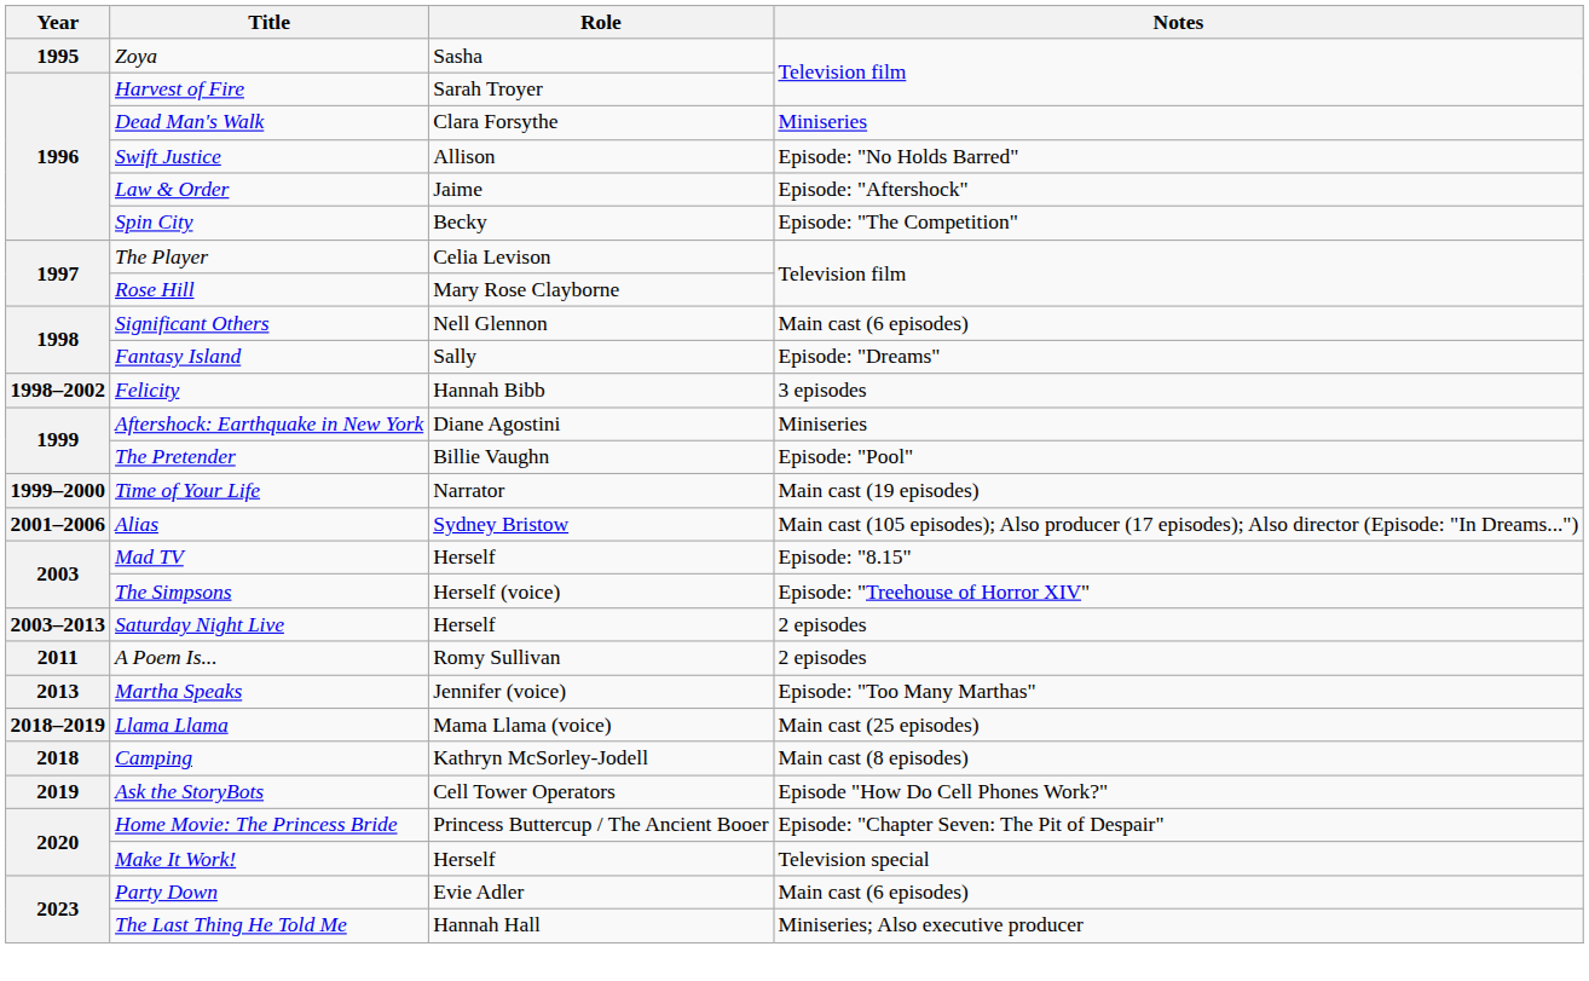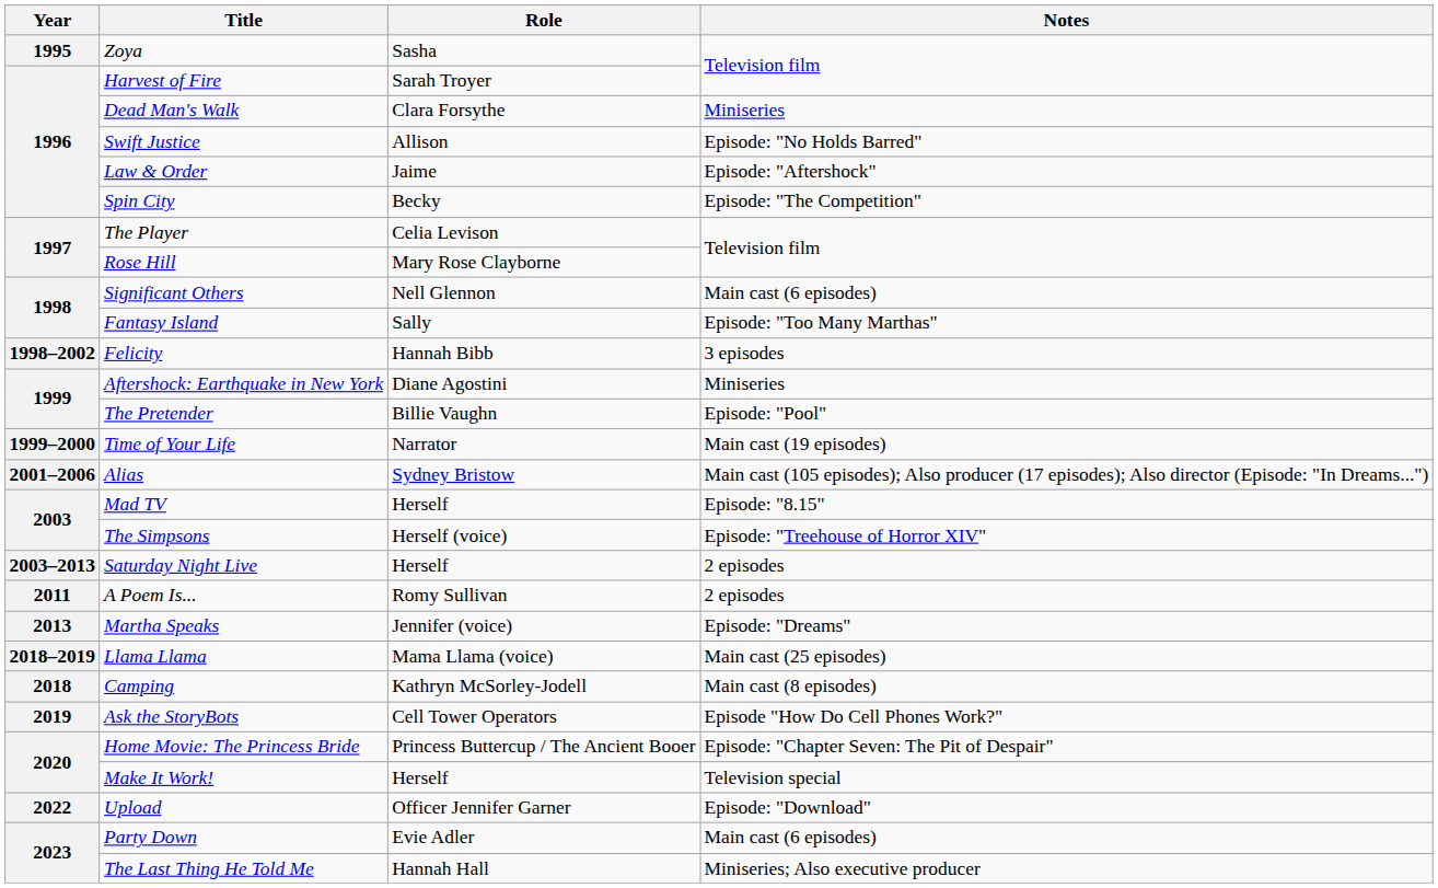 <table class="wikitable plainrowheaders sortable">
 <tr>
 <th scope="col">Year</th>
 <th scope="col">Title</th>
 <th scope="col">Role</th>
 <th scope="col" class="unsortable">Notes</th>
 </tr>
 <tr>
 <th scope="row">1995</th>
 <td><em>Zoya</em></td>
 <td>Sasha</td>
 <td rowspan="2"><a href='#'>Television film</a></td>
 </tr>
 <tr>
 <th rowspan="5" scope="row">1996</th>
 <td><em><a href='#'>Harvest of Fire</a></em></td>
 <td>Sarah Troyer</td>
 </tr>
 <tr>
 <td><em><a href='#'>Dead Man's Walk</a></em></td>
 <td>Clara Forsythe</td>
 <td><a href='#'>Miniseries</a></td>
 </tr>
 <tr>
 <td><em><a href='#'>Swift Justice</a></em></td>
 <td>Allison</td>
 <td>Episode: "No Holds Barred"</td>
 </tr>
 <tr>
 <td><em><a href='#'>Law & Order</a></em></td>
 <td>Jaime</td>
 <td>Episode: "Aftershock"</td>
 </tr>
 <tr>
 <td><em><a href='#'>Spin City</a></em></td>
 <td>Becky</td>
 <td>Episode: "The Competition"</td>
 </tr>
 <tr>
 <th rowspan="2" scope="row">1997</th>
 <td data-sort-value="Player, The"><em>The Player</em></td>
 <td>Celia Levison</td>
 <td rowspan="2">Television film</td>
 </tr>
 <tr>
 <td><em><a href='#'>Rose Hill</a></em></td>
 <td>Mary Rose Clayborne</td>
 </tr>
 <tr>
 <th rowspan="2" scope="row">1998</th>
 <td><em><a href='#'>Significant Others</a></em></td>
 <td>Nell Glennon</td>
 <td>Main cast (6 episodes)</td>
 </tr>
 <tr>
 <td><em><a href='#'>Fantasy Island</a></em></td>
 <td>Sally</td>
-<td>Episode: "Dreams"</td>
+<td>Episode: "Too Many Marthas"</td>
 </tr>
 <tr>
 <th scope="row">1998–2002</th>
 <td><em><a href='#'>Felicity</a></em></td>
 <td>Hannah Bibb</td>
 <td>3 episodes</td>
 </tr>
 <tr>
 <th rowspan="2" scope="row">1999</th>
 <td><em><a href='#'>Aftershock: Earthquake in New York</a></em></td>
 <td>Diane Agostini</td>
 <td>Miniseries</td>
 </tr>
 <tr>
 <td data-sort-value="Pretender, The"><em><a href='#'>The Pretender</a></em></td>
 <td>Billie Vaughn</td>
 <td>Episode: "Pool"</td>
 </tr>
 <tr>
 <th scope="row">1999–2000</th>
 <td><em><a href='#'>Time of Your Life</a></em></td>
 <td>Narrator</td>
 <td>Main cast (19 episodes)</td>
 </tr>
 <tr>
 <th scope="row">2001–2006</th>
 <td><em><a href='#'>Alias</a></em></td>
 <td><a href='#'>Sydney Bristow</a></td>
 <td>Main cast (105 episodes); Also producer (17 episodes); Also director (Episode: "In Dreams...")</td>
 </tr>
 <tr>
 <th rowspan="2" scope="row">2003</th>
 <td><em><a href='#'>Mad TV</a></em></td>
 <td>Herself</td>
 <td>Episode: "8.15"</td>
 </tr>
 <tr>
 <td data-sort-value="Simpsons, The"><em><a href='#'>The Simpsons</a></em></td>
 <td>Herself (voice)</td>
 <td>Episode: "<a href='#'>Treehouse of Horror XIV</a>"</td>
 </tr>
 <tr>
 <th scope="row">2003–2013</th>
 <td><em><a href='#'>Saturday Night Live</a></em></td>
 <td>Herself</td>
 <td>2 episodes</td>
 </tr>
 <tr>
 <th scope="row">2011</th>
 <td><em>A Poem Is...</em></td>
 <td>Romy Sullivan</td>
 <td>2 episodes</td>
 </tr>
 <tr>
 <th scope="row">2013</th>
 <td><em><a href='#'>Martha Speaks</a></em></td>
 <td>Jennifer (voice)</td>
-<td>Episode: "Too Many Marthas"</td>
+<td>Episode: "Dreams"</td>
 </tr>
 <tr>
 <th scope="row">2018–2019</th>
 <td><em><a href='#'>Llama Llama</a></em></td>
 <td>Mama Llama (voice)</td>
 <td>Main cast (25 episodes)</td>
 </tr>
 <tr>
 <th scope="row">2018</th>
 <td><em><a href='#'>Camping</a></em></td>
 <td>Kathryn McSorley-Jodell</td>
 <td>Main cast (8 episodes)</td>
 </tr>
 <tr>
 <th scope="row">2019</th>
 <td><em><a href='#'>Ask the StoryBots</a></em></td>
 <td>Cell Tower Operators</td>
 <td>Episode "How Do Cell Phones Work?"</td>
 </tr>
 <tr>
 <th rowspan="2" scope="row">2020</th>
 <td><em><a href='#'>Home Movie: The Princess Bride</a></em></td>
 <td>Princess Buttercup / The Ancient Booer</td>
 <td>Episode: "Chapter Seven: The Pit of Despair"</td>
 </tr>
 <tr>
 <td><em><a href='#'>Make It Work!</a></em></td>
 <td>Herself</td>
 <td>Television special</td>
 </tr>
 <tr>
+<th scope="row">2022</th>
+<td><em><a href='#'>Upload</a></em></td>
+<td>Officer Jennifer Garner</td>
+<td>Episode: "Download"</td>
+</tr>
+<tr>
 <th rowspan="2" scope="row">2023</th>
 <td><em><a href='#'>Party Down</a></em></td>
 <td>Evie Adler</td>
 <td>Main cast (6 episodes)</td>
 </tr>
 <tr>
 <td><em><a href='#'>The Last Thing He Told Me</a></em></td>
 <td>Hannah Hall</td>
 <td>Miniseries; Also executive producer</td>
 </tr>
 </table>
